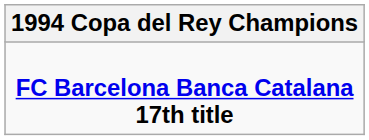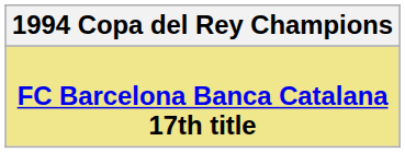 <table class=wikitable style="text-align:center; margin:auto">
 <tr>
 <th>1994 Copa del Rey Champions</th>
 </tr>
 <tr>
-<td><br> <strong><a href='#'>FC Barcelona Banca Catalana</a></strong> <br> <strong>17th title</strong></td>
+<td style="background: khaki;"><br> <strong><a href='#'>FC Barcelona Banca Catalana</a></strong> <br> <strong>17th title</strong></td>
 </tr>
 </table>
